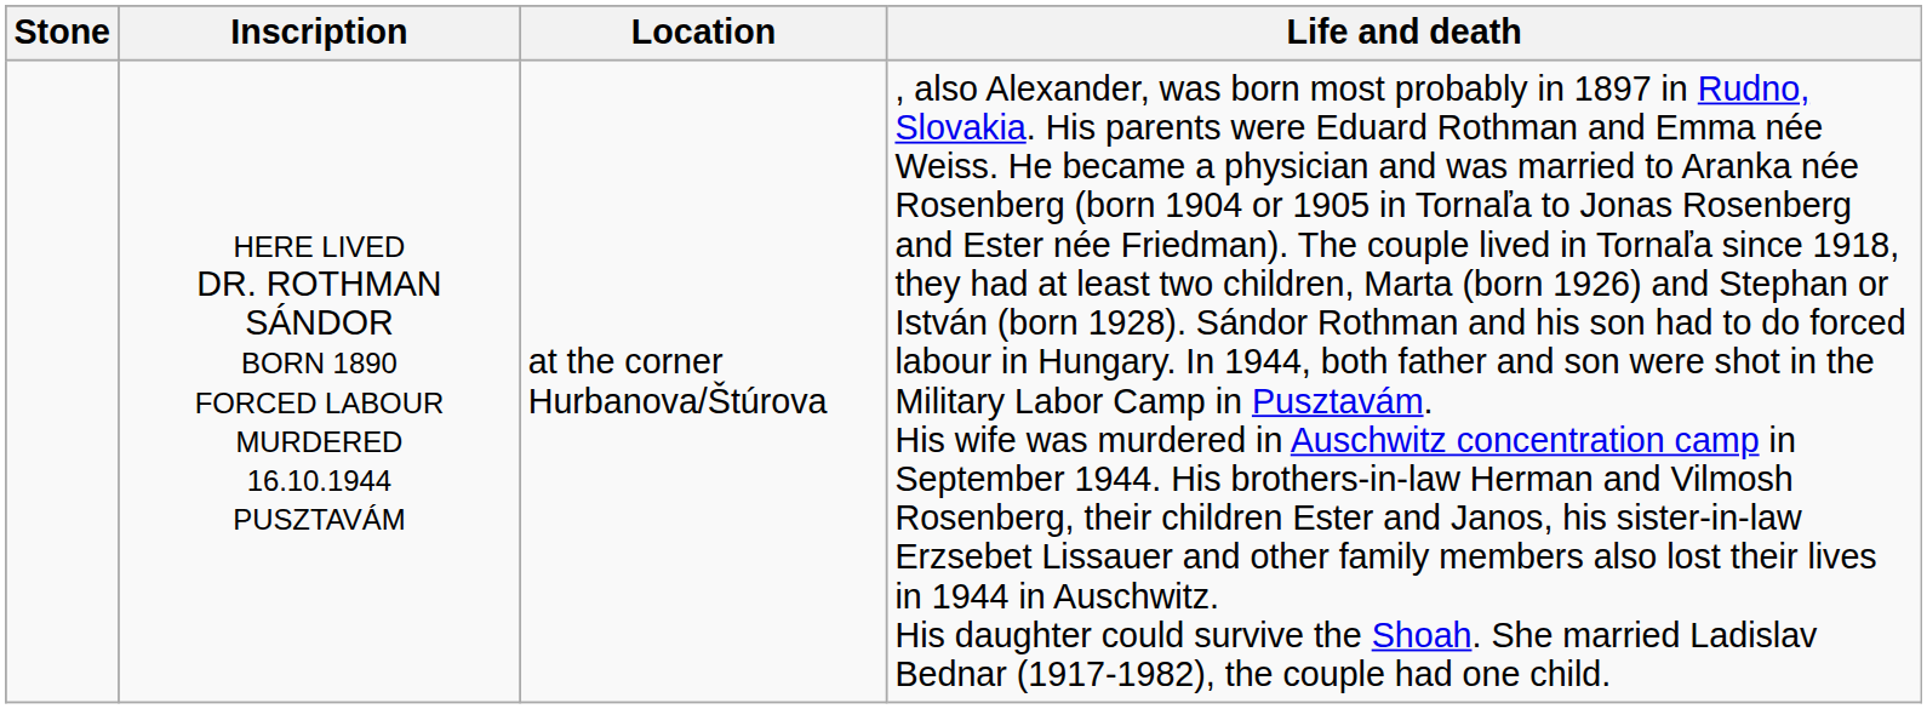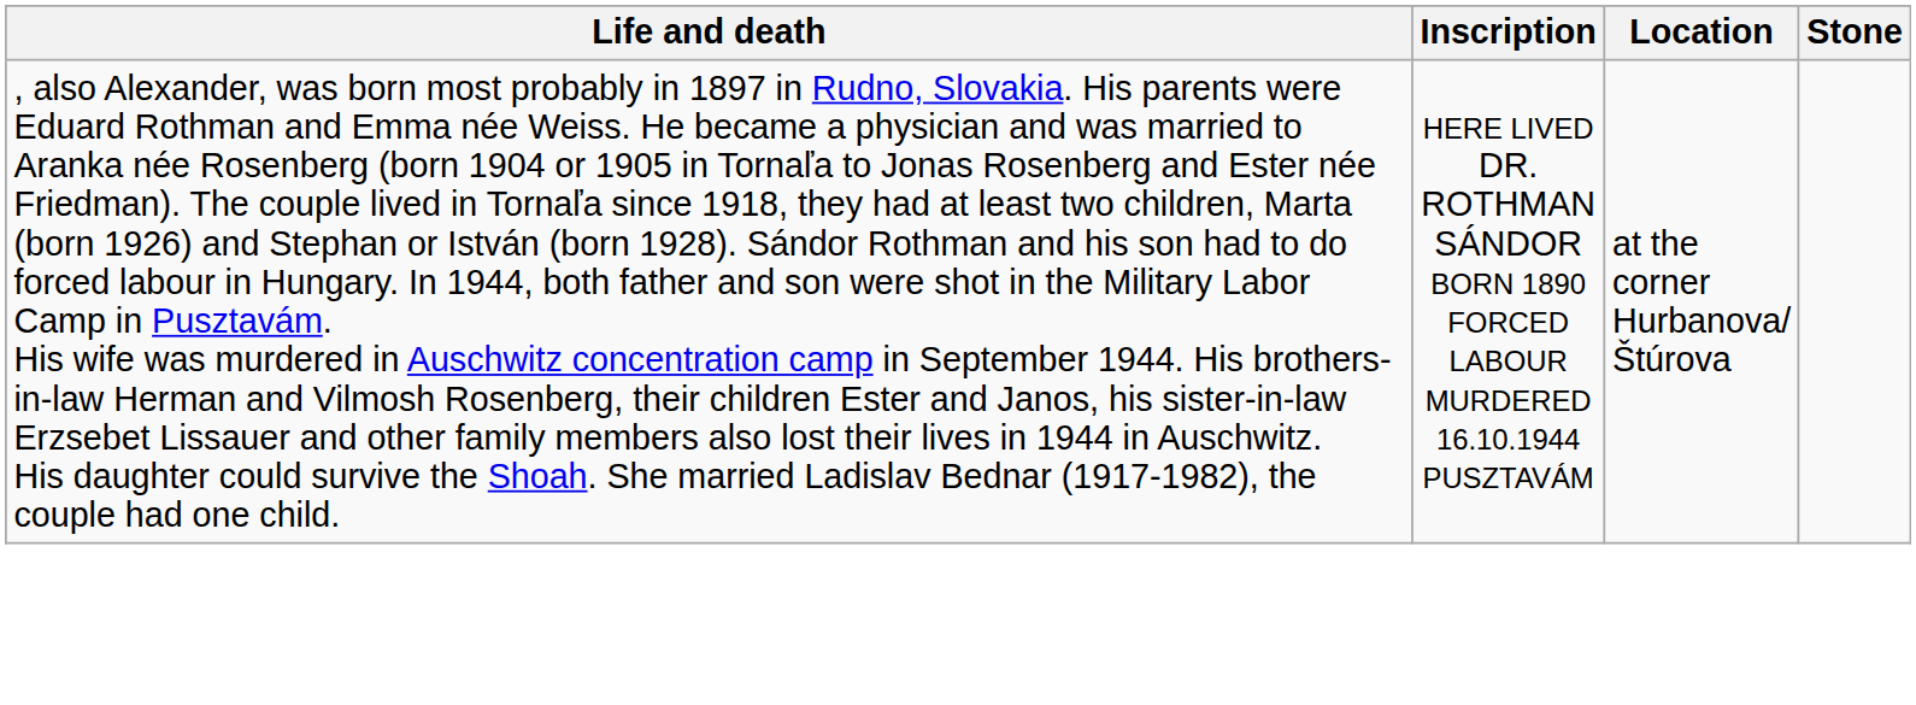 <table class="wikitable sortable toptextcells" style="width:100%">
 <tr>
-<th class="hintergrundfarbe6 unsortable" width="120px">Stone</th>
+<th class="hintergrundfarbe6" style="width:100%;">Life and death</th>
 <th class="hintergrundfarbe6 unsortable" style ="width:22%;">Inscription</th>
 <th class="hintergrundfarbe6" data-sort-type="text" style ="width:20%;">Location</th>
-<th class="hintergrundfarbe6" style="width:100%;">Life and death</th>
+<th class="hintergrundfarbe6 unsortable" width="120px">Stone</th>
 </tr>
 <tr>
-<td></td>
+<td><strong></strong>, also Alexander, was born most probably in 1897 in <a href='#'>Rudno, Slovakia</a>. His parents were Eduard Rothman and Emma née Weiss. He became a physician and was married to Aranka née Rosenberg (born 1904 or 1905 in Tornaľa to Jonas Rosenberg and Ester née Friedman). The couple lived in Tornaľa since 1918, they had at least two children, Marta (born 1926) and Stephan or István (born 1928). Sándor Rothman and his son had to do forced labour in Hungary. In 1944, both father and son were shot in the Military Labor Camp in <a href='#'>Pusztavám</a>.<br>His wife was murdered in <a href='#'>Auschwitz concentration camp</a> in September 1944. His brothers-in-law Herman and Vilmosh Rosenberg, their children Ester and Janos, his sister-in-law Erzsebet Lissauer and other family members also lost their lives in 1944 in Auschwitz.<br>His daughter could survive the <a href='#'>Shoah</a>. She married Ladislav Bednar (1917-1982), the couple had one child.</td>
 <td style="text-align:center"><div><small>HERE LIVED</small><br>DR. ROTHMAN<br>SÁNDOR<br><small>BORN 1890<br>FORCED LABOUR<br>MURDERED<br>16.10.1944<br>PUSZTAVÁM</small></div></td>
 <td>at the corner Hurbanova/Štúrova</td>
-<td><strong></strong>, also Alexander, was born most probably in 1897 in <a href='#'>Rudno, Slovakia</a>. His parents were Eduard Rothman and Emma née Weiss. He became a physician and was married to Aranka née Rosenberg (born 1904 or 1905 in Tornaľa to Jonas Rosenberg and Ester née Friedman). The couple lived in Tornaľa since 1918, they had at least two children, Marta (born 1926) and Stephan or István (born 1928). Sándor Rothman and his son had to do forced labour in Hungary. In 1944, both father and son were shot in the Military Labor Camp in <a href='#'>Pusztavám</a>.<br>His wife was murdered in <a href='#'>Auschwitz concentration camp</a> in September 1944. His brothers-in-law Herman and Vilmosh Rosenberg, their children Ester and Janos, his sister-in-law Erzsebet Lissauer and other family members also lost their lives in 1944 in Auschwitz.<br>His daughter could survive the <a href='#'>Shoah</a>. She married Ladislav Bednar (1917-1982), the couple had one child.</td>
+<td></td>
 </tr>
 </table>
